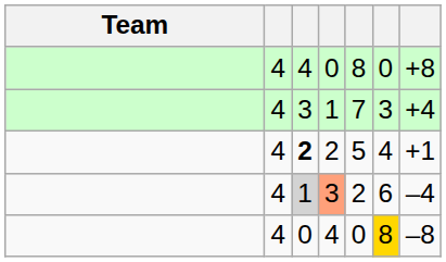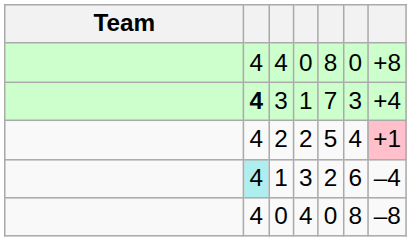 <table class=wikitable style="text-align:center">
 <tr>
 <th width=150>Team</th>
 <th></th>
 <th></th>
 <th></th>
 <th></th>
 <th></th>
 <th></th>
 </tr>
 <tr bgcolor=ccffcc>
 <td style="text-align:left"></td>
 <td>4</td>
 <td>4</td>
 <td>0</td>
 <td>8</td>
 <td>0</td>
 <td>+8</td>
 </tr>
 <tr bgcolor=ccffcc>
 <td style="text-align:left"></td>
-<td>4</td>
+<td><strong>4</strong></td>
 <td>3</td>
 <td>1</td>
 <td>7</td>
 <td>3</td>
 <td>+4</td>
 </tr>
 <tr>
 <td style="text-align:left"></td>
 <td>4</td>
-<td><strong>2</strong></td>
+<td>2</td>
 <td>2</td>
 <td>5</td>
 <td>4</td>
-<td>+1</td>
+<td style="background: pink;">+1</td>
 </tr>
 <tr>
 <td style="text-align:left"></td>
-<td>4</td>
-<td style="background: lightgrey;">1</td>
-<td style="background: lightsalmon;">3</td>
+<td style="background: paleturquoise;">4</td>
+<td>1</td>
+<td>3</td>
 <td>2</td>
 <td>6</td>
 <td>–4</td>
 </tr>
 <tr>
 <td style="text-align:left"></td>
 <td>4</td>
 <td>0</td>
 <td>4</td>
 <td>0</td>
-<td style="background: gold;">8</td>
+<td>8</td>
 <td>–8</td>
 </tr>
 </table>
